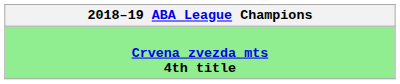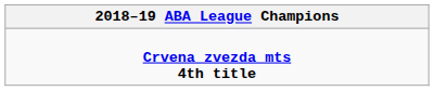 <table class="wikitable" style="margin: 0 auto; width: 30%;">
 <tr>
 <th>2018–19 <a href='#'>ABA League</a> Champions</th>
 </tr>
 <tr>
-<td align=center style="background: lightgreen;"><br><strong><a href='#'>Crvena zvezda mts</a></strong><br><strong>4th title</strong></td>
+<td align=center><br><strong><a href='#'>Crvena zvezda mts</a></strong><br><strong>4th title</strong></td>
 </tr>
 </table>
